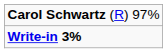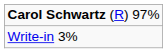 <table class="wikitable">
 <tr>
 <td><strong>Carol Schwartz</strong> (<a href='#'>R</a>) 97%</td>
 </tr>
 <tr>
-<td><strong><a href='#'>Write-in</a> 3%</strong></td>
+<td><a href='#'>Write-in</a> 3%</td>
 </tr>
 </table>
